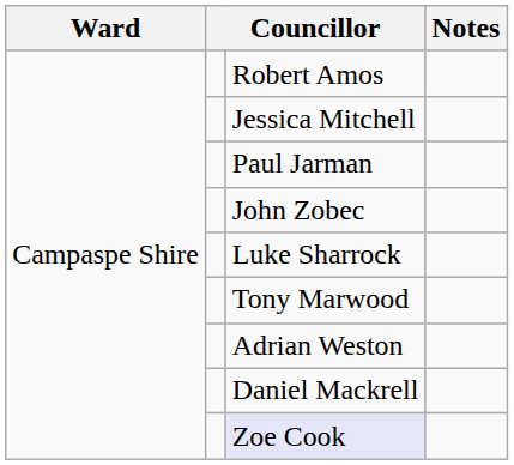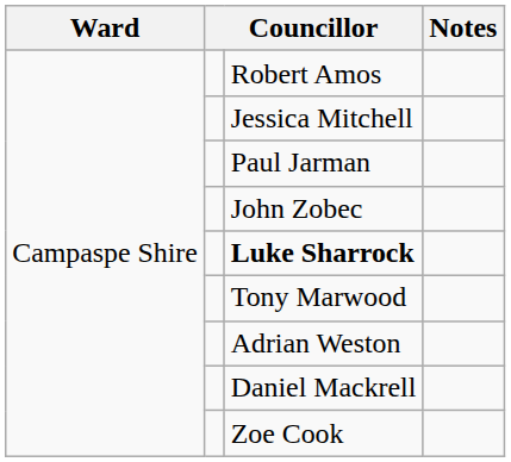 <table class="wikitable">
 <tr>
 <th>Ward</th>
 <th colspan="2">Councillor</th>
 <th>Notes</th>
 </tr>
 <tr>
 <td rowspan="9">Campaspe Shire</td>
 <td> </td>
 <td>Robert Amos</td>
 <td></td>
 </tr>
 <tr>
 <td> </td>
 <td>Jessica Mitchell</td>
 <td></td>
 </tr>
 <tr>
 <td> </td>
 <td>Paul Jarman</td>
 <td></td>
 </tr>
 <tr>
 <td> </td>
 <td>John Zobec</td>
 <td></td>
 </tr>
 <tr>
 <td> </td>
-<td>Luke Sharrock</td>
+<td><strong>Luke Sharrock</strong></td>
 <td></td>
 </tr>
 <tr>
 <td> </td>
 <td>Tony Marwood</td>
 <td></td>
 </tr>
 <tr>
 <td> </td>
 <td>Adrian Weston</td>
 <td></td>
 </tr>
 <tr>
 <td> </td>
 <td>Daniel Mackrell</td>
 <td></td>
 </tr>
 <tr>
 <td> </td>
-<td style="background: lavender;">Zoe Cook</td>
+<td>Zoe Cook</td>
 <td></td>
 </tr>
 </table>
